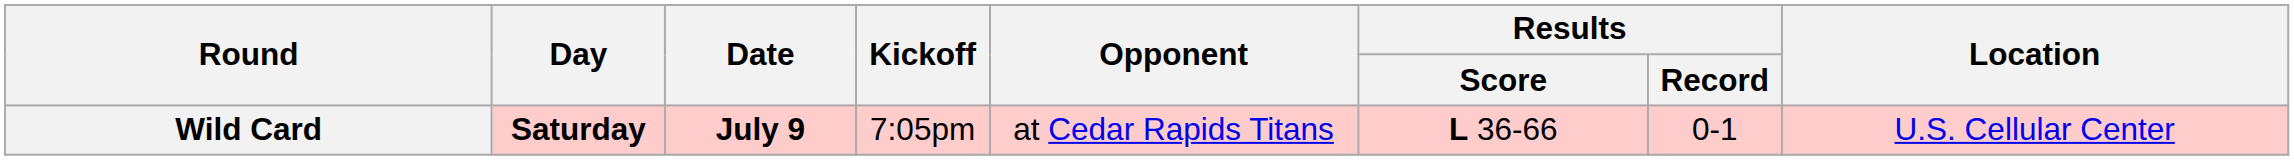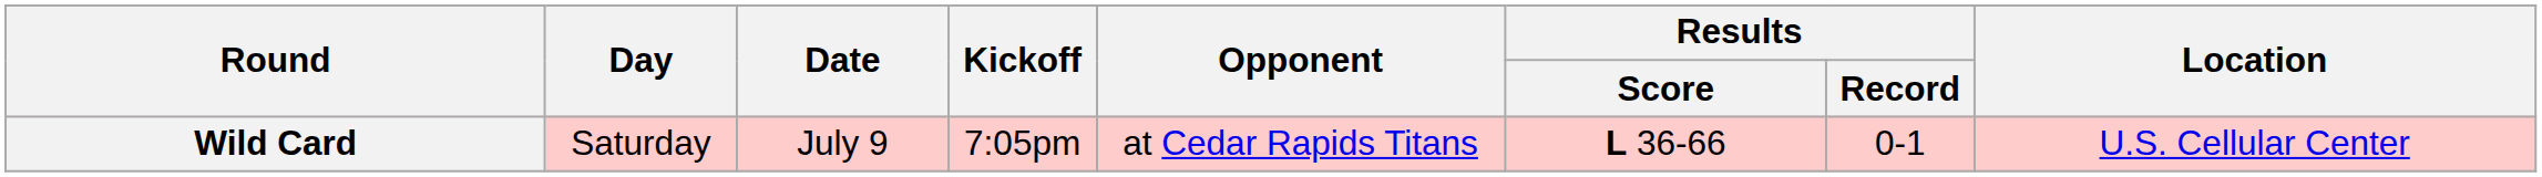 <table class="wikitable">
 <tr>
 <th rowspan="2" width="240">Round</th>
 <th rowspan="2" width="80">Day</th>
 <th rowspan="2" width="90">Date</th>
 <th rowspan="2" width="60">Kickoff</th>
 <th rowspan="2" width="180">Opponent</th>
 <th colspan="2" width="200">Results</th>
 <th rowspan="2" width="250">Location</th>
 </tr>
 <tr>
 <th width="140">Score</th>
 <th width="60">Record</th>
 </tr>
 <tr align="center" bgcolor="#FFCCCC">
 <th>Wild Card</th>
-<td><strong>Saturday</strong></td>
-<td><strong>July 9</strong></td>
+<td>Saturday</td>
+<td>July 9</td>
 <td>7:05pm</td>
 <td>at <a href='#'>Cedar Rapids Titans</a></td>
 <td><strong>L</strong> 36-66</td>
 <td>0-1</td>
 <td><a href='#'>U.S. Cellular Center</a></td>
 </tr>
 </table>
